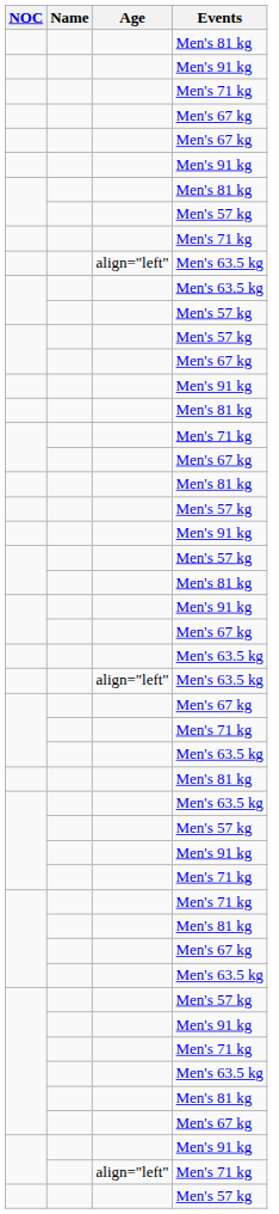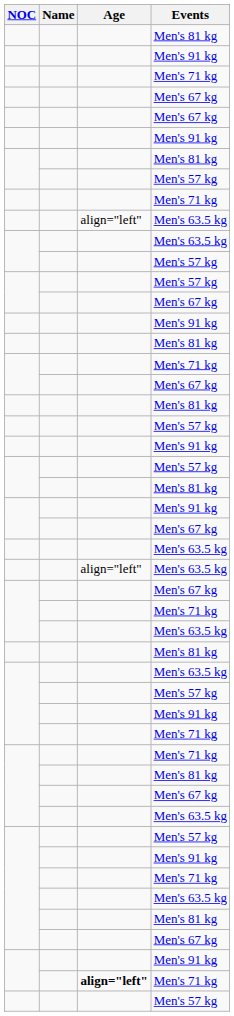 <table class="wikitable sortable">
 <tr>
 <th><a href='#'>NOC</a></th>
 <th>Name</th>
 <th>Age</th>
 <th>Events</th>
 </tr>
 <tr>
 <td align="left" rowspan="1"></td>
 <td align="left"></td>
 <td align="left"></td>
 <td align="left"><a href='#'>Men's 81 kg</a></td>
 </tr>
 <tr>
 <td align="left" rowspan="1"></td>
 <td align="left"></td>
 <td align="left"></td>
 <td align="left"><a href='#'>Men's 91 kg</a></td>
 </tr>
 <tr>
 <td align="left" rowspan="1"></td>
 <td align="left"></td>
 <td align="left"></td>
 <td align="left"><a href='#'>Men's 71 kg</a></td>
 </tr>
 <tr>
 <td align="left" rowspan="1"></td>
 <td align="left"></td>
 <td align="left"></td>
 <td align="left"><a href='#'>Men's 67 kg</a></td>
 </tr>
 <tr>
 <td align="left" rowspan="1"></td>
 <td align="left"></td>
 <td align="left"></td>
 <td align="left"><a href='#'>Men's 67 kg</a></td>
 </tr>
 <tr>
 <td align="left" rowspan="1"></td>
 <td align="left"></td>
 <td align="left"></td>
 <td align="left"><a href='#'>Men's 91 kg</a></td>
 </tr>
 <tr>
 <td align="left" rowspan="2"></td>
 <td align="left"></td>
 <td align="left"></td>
 <td align="left"><a href='#'>Men's 81 kg</a></td>
 </tr>
 <tr>
 <td align="left"></td>
 <td align="left"></td>
 <td align="left"><a href='#'>Men's 57 kg</a></td>
 </tr>
 <tr>
 <td align="left" rowspan="1"></td>
 <td align="left"></td>
 <td align="left"></td>
 <td align="left"><a href='#'>Men's 71 kg</a></td>
 </tr>
 <tr>
 <td align="left" rowspan="1"></td>
 <td align="left"></td>
 <td>align="left" </td>
 <td align="left"><a href='#'>Men's 63.5 kg</a></td>
 </tr>
 <tr>
 <td align="left" rowspan="2"></td>
 <td align="left"></td>
 <td align="left"></td>
 <td align="left"><a href='#'>Men's 63.5 kg</a></td>
 </tr>
 <tr>
 <td align="left"></td>
 <td align="left"></td>
 <td align="left"><a href='#'>Men's 57 kg</a></td>
 </tr>
 <tr>
 <td align="left" rowspan="2"></td>
 <td align="left"></td>
 <td align="left"></td>
 <td align="left"><a href='#'>Men's 57 kg</a></td>
 </tr>
 <tr>
 <td align="left"></td>
 <td align="left"></td>
 <td align="left"><a href='#'>Men's 67 kg</a></td>
 </tr>
 <tr>
 <td align="left" rowspan="1"></td>
 <td align="left"></td>
 <td align="left"></td>
 <td align="left"><a href='#'>Men's 91 kg</a></td>
 </tr>
 <tr>
 <td align="left" rowspan="1"></td>
 <td align="left"></td>
 <td align="left"></td>
 <td align="left"><a href='#'>Men's 81 kg</a></td>
 </tr>
 <tr>
 <td align="left" rowspan="2"></td>
 <td align="left"></td>
 <td align="left"></td>
 <td align="left"><a href='#'>Men's 71 kg</a></td>
 </tr>
 <tr>
 <td align="left"></td>
 <td align="left"></td>
 <td align="left"><a href='#'>Men's 67 kg</a></td>
 </tr>
 <tr>
 <td align="left" rowspan="1"></td>
 <td align="left"></td>
 <td align="left"></td>
 <td align="left"><a href='#'>Men's 81 kg</a></td>
 </tr>
 <tr>
 <td align="left" rowspan="1"></td>
 <td align="left"></td>
 <td align="left"></td>
 <td align="left"><a href='#'>Men's 57 kg</a></td>
 </tr>
 <tr>
 <td align="left" rowspan="1"></td>
 <td align="left"></td>
 <td align="left"></td>
 <td align="left"><a href='#'>Men's 91 kg</a></td>
 </tr>
 <tr>
 <td align="left" rowspan="2"></td>
 <td align="left"></td>
 <td align="left"></td>
 <td align="left"><a href='#'>Men's 57 kg</a></td>
 </tr>
 <tr>
 <td align="left"></td>
 <td align="left"></td>
 <td align="left"><a href='#'>Men's 81 kg</a></td>
 </tr>
 <tr>
 <td align="left" rowspan="2"></td>
 <td align="left"></td>
 <td align="left"></td>
 <td align="left"><a href='#'>Men's 91 kg</a></td>
 </tr>
 <tr>
 <td align="left"></td>
 <td align="left"></td>
 <td align="left"><a href='#'>Men's 67 kg</a></td>
 </tr>
 <tr>
 <td align="left" rowspan="1"></td>
 <td align="left"></td>
 <td align="left"></td>
 <td align="left"><a href='#'>Men's 63.5 kg</a></td>
 </tr>
 <tr>
 <td align="left" rowspan="1"></td>
 <td align="left"></td>
 <td>align="left" </td>
 <td align="left"><a href='#'>Men's 63.5 kg</a></td>
 </tr>
 <tr>
 <td align="left" rowspan="3"></td>
 <td align="left"></td>
 <td align="left"></td>
 <td align="left"><a href='#'>Men's 67 kg</a></td>
 </tr>
 <tr>
 <td align="left"></td>
 <td align="left"></td>
 <td align="left"><a href='#'>Men's 71 kg</a></td>
 </tr>
 <tr>
 <td align="left"></td>
 <td align="left"></td>
 <td align="left"><a href='#'>Men's 63.5 kg</a></td>
 </tr>
 <tr>
 <td align="left" rowspan="1"></td>
 <td align="left"></td>
 <td align="left"></td>
 <td align="left"><a href='#'>Men's 81 kg</a></td>
 </tr>
 <tr>
 <td align="left" rowspan="4"></td>
 <td align="left"></td>
 <td align="left"></td>
 <td align="left"><a href='#'>Men's 63.5 kg</a></td>
 </tr>
 <tr>
 <td align="left"></td>
 <td align="left"></td>
 <td align="left"><a href='#'>Men's 57 kg</a></td>
 </tr>
 <tr>
 <td align="left"></td>
 <td align="left"></td>
 <td align="left"><a href='#'>Men's 91 kg</a></td>
 </tr>
 <tr>
 <td align="left"></td>
 <td align="left"></td>
 <td align="left"><a href='#'>Men's 71 kg</a></td>
 </tr>
 <tr>
 <td align="left" rowspan="4"></td>
 <td align="left"></td>
 <td align="left"></td>
 <td align="left"><a href='#'>Men's 71 kg</a></td>
 </tr>
 <tr>
 <td align="left"></td>
 <td align="left"></td>
 <td align="left"><a href='#'>Men's 81 kg</a></td>
 </tr>
 <tr>
 <td align="left"></td>
 <td align="left"></td>
 <td align="left"><a href='#'>Men's 67 kg</a></td>
 </tr>
 <tr>
 <td align="left"></td>
 <td align="left"></td>
 <td align="left"><a href='#'>Men's 63.5 kg</a></td>
 </tr>
 <tr>
 <td align="left" rowspan="6"></td>
 <td align="left"></td>
 <td align="left"></td>
 <td align="left"><a href='#'>Men's 57 kg</a></td>
 </tr>
 <tr>
 <td align="left"></td>
 <td align="left"></td>
 <td align="left"><a href='#'>Men's 91 kg</a></td>
 </tr>
 <tr>
 <td align="left"></td>
 <td align="left"></td>
 <td align="left"><a href='#'>Men's 71 kg</a></td>
 </tr>
 <tr>
 <td align="left"></td>
 <td align="left"></td>
 <td align="left"><a href='#'>Men's 63.5 kg</a></td>
 </tr>
 <tr>
 <td align="left"></td>
 <td align="left"></td>
 <td align="left"><a href='#'>Men's 81 kg</a></td>
 </tr>
 <tr>
 <td align="left"></td>
 <td align="left"></td>
 <td align="left"><a href='#'>Men's 67 kg</a></td>
 </tr>
 <tr>
 <td align="left" rowspan="2"></td>
 <td align="left"></td>
 <td align="left"></td>
 <td align="left"><a href='#'>Men's 91 kg</a></td>
 </tr>
 <tr>
 <td align="left"></td>
-<td>align="left" </td>
+<td><strong>align="left" </strong></td>
 <td align="left"><a href='#'>Men's 71 kg</a></td>
 </tr>
 <tr>
 <td align="left" rowspan="1"></td>
 <td align="left"></td>
 <td align="left"></td>
 <td align="left"><a href='#'>Men's 57 kg</a></td>
 </tr>
 </table>
